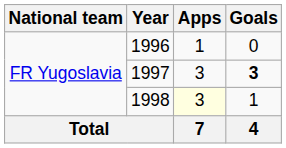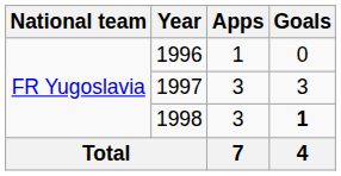 <table class="wikitable" style="text-align:center">
 <tr>
 <th>National team</th>
 <th>Year</th>
 <th>Apps</th>
 <th>Goals</th>
 </tr>
 <tr>
 <td rowspan="3"><a href='#'>FR Yugoslavia</a></td>
 <td>1996</td>
 <td>1</td>
 <td>0</td>
 </tr>
 <tr>
 <td>1997</td>
 <td>3</td>
-<td><strong>3</strong></td>
+<td>3</td>
 </tr>
 <tr>
 <td>1998</td>
-<td style="background: lightyellow;">3</td>
-<td>1</td>
+<td>3</td>
+<td><strong>1</strong></td>
 </tr>
 <tr>
 <th colspan="2">Total</th>
 <th>7</th>
 <th>4</th>
 </tr>
 </table>
